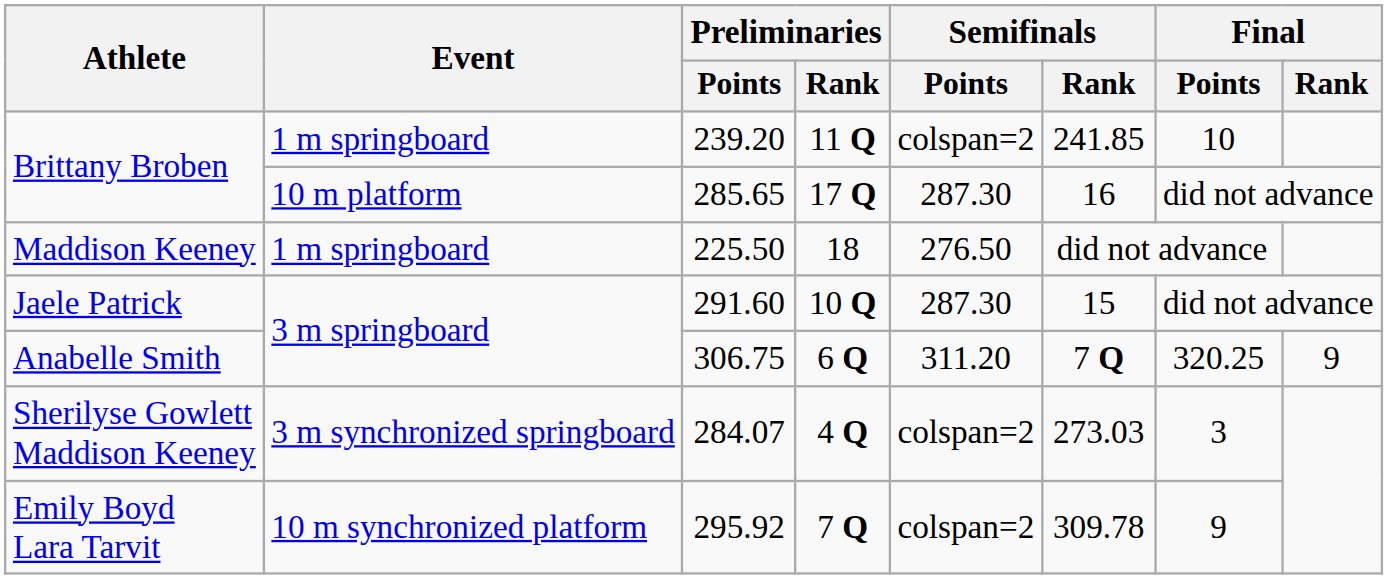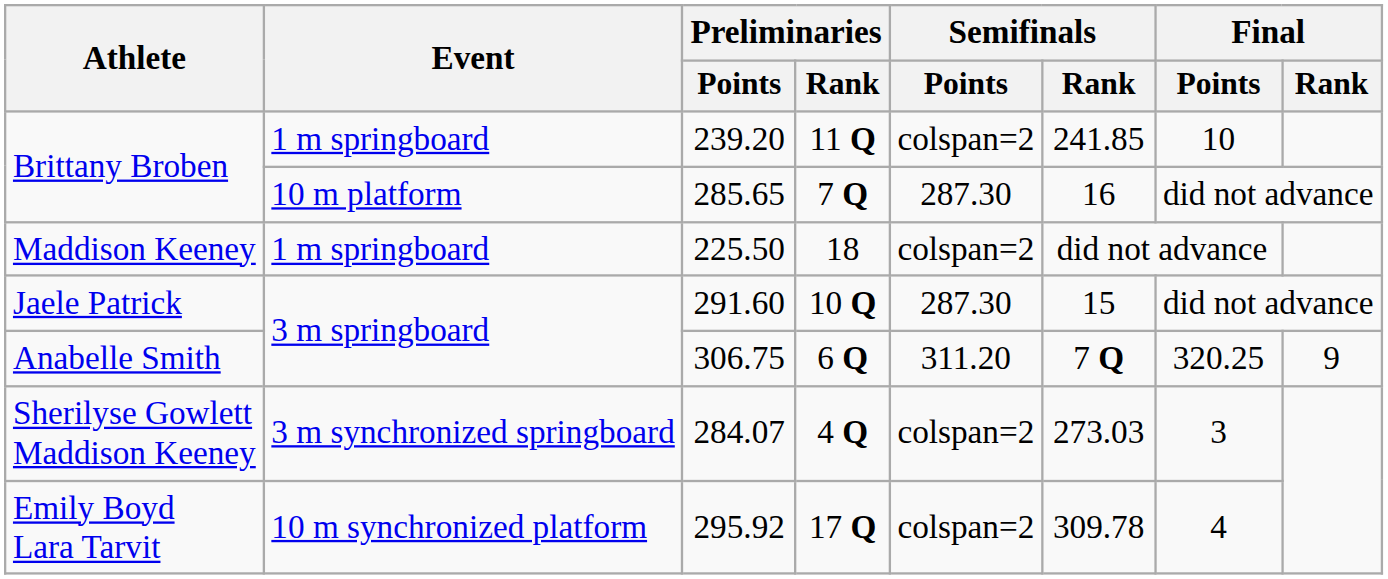 <table class=wikitable style="font-size:90%;">
 <tr>
 <th rowspan="2">Athlete</th>
 <th rowspan="2">Event</th>
 <th colspan="2">Preliminaries</th>
 <th colspan="2">Semifinals</th>
 <th colspan="2">Final</th>
 </tr>
 <tr style="font-size:95%">
 <th>Points</th>
 <th>Rank</th>
 <th>Points</th>
 <th>Rank</th>
 <th>Points</th>
 <th>Rank</th>
 </tr>
 <tr align=center>
 <td align=left rowspan=2><a href='#'>Brittany Broben</a></td>
 <td align=left><a href='#'>1 m springboard</a></td>
 <td>239.20</td>
 <td>11 <strong>Q</strong></td>
 <td>colspan=2 </td>
 <td>241.85</td>
 <td>10</td>
 </tr>
 <tr align=center>
 <td align=left><a href='#'>10 m platform</a></td>
 <td>285.65</td>
-<td>17 <strong>Q</strong></td>
+<td>7 <strong>Q</strong></td>
 <td>287.30</td>
 <td>16</td>
 <td colspan=2>did not advance</td>
 </tr>
 <tr align=center>
 <td align=left><a href='#'>Maddison Keeney</a></td>
 <td align=left><a href='#'>1 m springboard</a></td>
 <td>225.50</td>
 <td>18</td>
-<td>276.50</td>
+<td>colspan=2 </td>
 <td colspan=2>did not advance</td>
 </tr>
 <tr align=center>
 <td align=left><a href='#'>Jaele Patrick</a></td>
 <td align=left rowspan=2><a href='#'>3 m springboard</a></td>
 <td>291.60</td>
 <td>10 <strong>Q</strong></td>
 <td>287.30</td>
 <td>15</td>
 <td colspan=2>did not advance</td>
 </tr>
 <tr align=center>
 <td align=left><a href='#'>Anabelle Smith</a></td>
 <td>306.75</td>
 <td>6 <strong>Q</strong></td>
 <td>311.20</td>
 <td>7 <strong>Q</strong></td>
 <td>320.25</td>
 <td>9</td>
 </tr>
 <tr align=center>
 <td align=left><a href='#'>Sherilyse Gowlett</a><br><a href='#'>Maddison Keeney</a></td>
 <td align=left><a href='#'>3 m synchronized springboard</a></td>
 <td>284.07</td>
 <td>4 <strong>Q</strong></td>
 <td>colspan=2 </td>
 <td>273.03</td>
 <td>3</td>
 </tr>
 <tr align=center>
 <td align=left><a href='#'>Emily Boyd</a><br><a href='#'>Lara Tarvit</a></td>
 <td align=left><a href='#'>10 m synchronized platform</a></td>
 <td>295.92</td>
-<td>7 <strong>Q</strong></td>
+<td>17 <strong>Q</strong></td>
 <td>colspan=2 </td>
 <td>309.78</td>
-<td>9</td>
+<td>4</td>
 </tr>
 </table>
